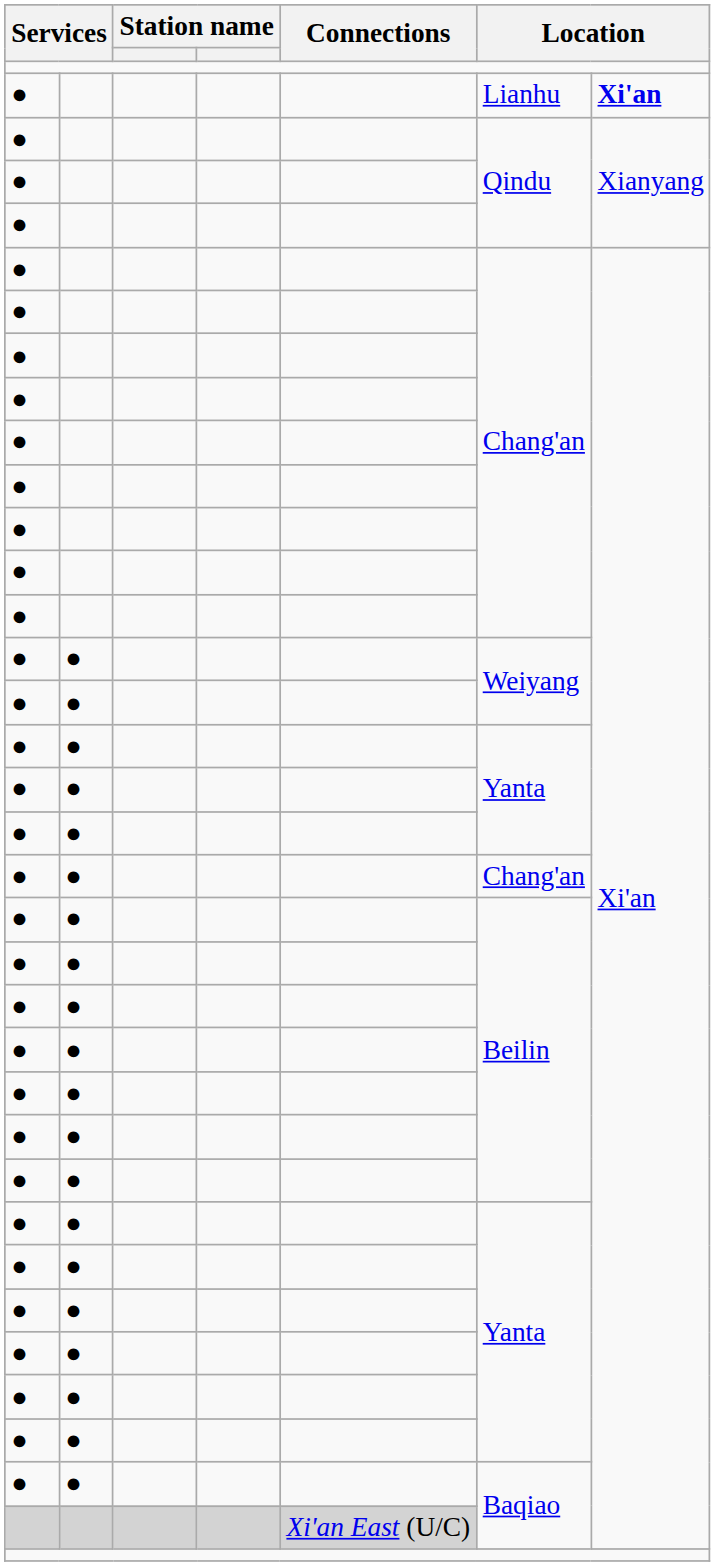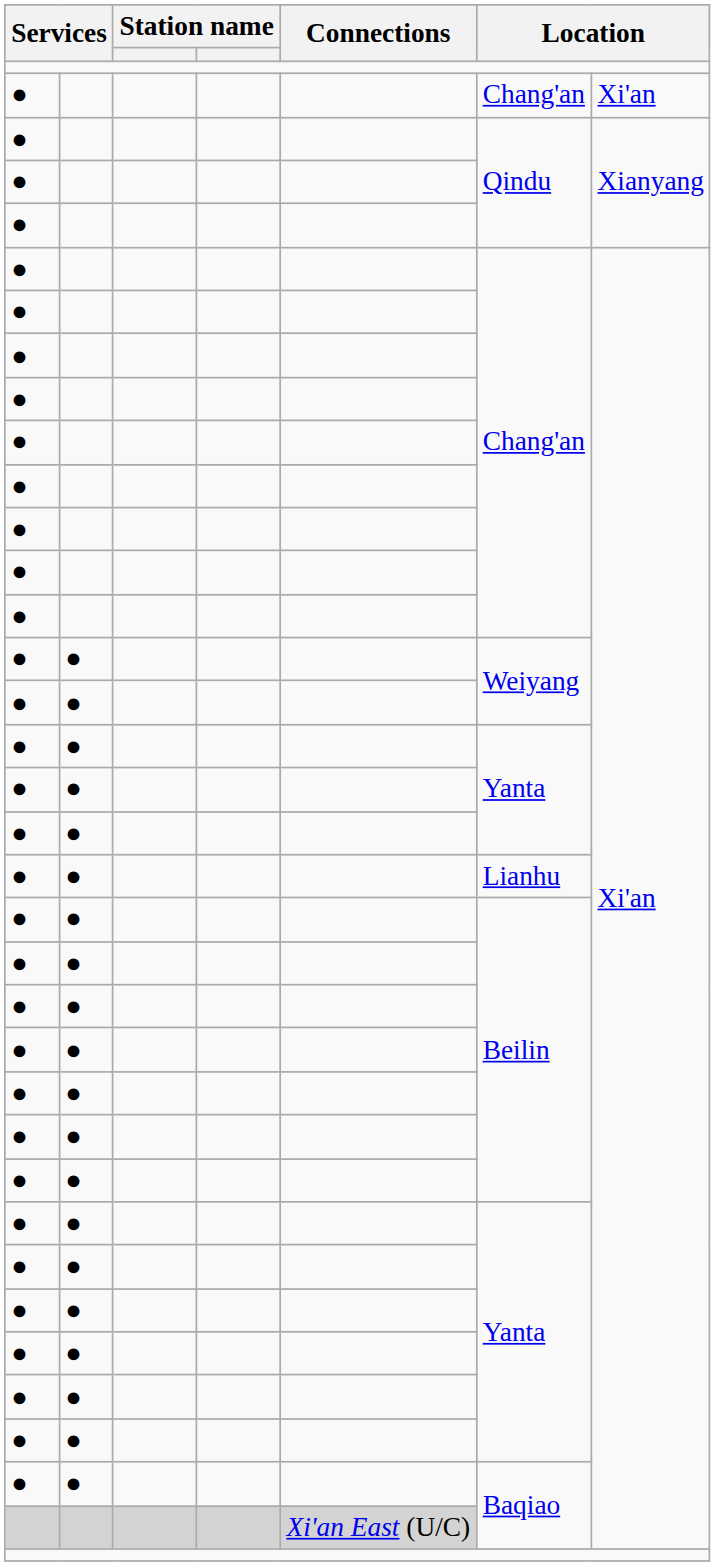 <table class="wikitable">
 <tr>
 <th colspan="2" rowspan="2">Services</th>
 <th colspan="2">Station name</th>
 <th rowspan="2">Connections</th>
 <th colspan="2" rowspan="2">Location</th>
 </tr>
 <tr>
 <th></th>
 <th></th>
 </tr>
 <tr style="background:#">
 <td colspan = "8"></td>
 </tr>
 <tr>
 <td>●</td>
 <td></td>
 <td></td>
 <td></td>
 <td></td>
-<td><a href='#'>Lianhu</a></td>
-<td><strong><a href='#'>Xi'an</a></strong></td>
+<td><a href='#'>Chang'an</a></td>
+<td><a href='#'>Xi'an</a></td>
 </tr>
 <tr>
 <td>●</td>
 <td></td>
 <td></td>
 <td></td>
 <td></td>
 <td rowspan="3"><a href='#'>Qindu</a></td>
 <td rowspan="3"><a href='#'>Xianyang</a></td>
 </tr>
 <tr>
 <td>●</td>
 <td></td>
 <td></td>
 <td></td>
 <td></td>
 </tr>
 <tr>
 <td>●</td>
 <td></td>
 <td></td>
 <td></td>
 <td></td>
 </tr>
 <tr>
 <td>●</td>
 <td></td>
 <td></td>
 <td></td>
 <td></td>
 <td rowspan="9"><a href='#'>Chang'an</a></td>
 <td rowspan="30"><a href='#'>Xi'an</a></td>
 </tr>
 <tr>
 <td>●</td>
 <td></td>
 <td></td>
 <td></td>
 <td></td>
 </tr>
 <tr>
 <td>●</td>
 <td></td>
 <td></td>
 <td></td>
 <td></td>
 </tr>
 <tr>
 <td>●</td>
 <td></td>
 <td></td>
 <td></td>
 <td></td>
 </tr>
 <tr>
 <td>●</td>
 <td></td>
 <td></td>
 <td></td>
 <td></td>
 </tr>
 <tr>
 <td>●</td>
 <td></td>
 <td></td>
 <td></td>
 <td></td>
 </tr>
 <tr>
 <td>●</td>
 <td></td>
 <td></td>
 <td></td>
 <td></td>
 </tr>
 <tr>
 <td>●</td>
 <td></td>
 <td></td>
 <td></td>
 <td></td>
 </tr>
 <tr>
 <td>●</td>
 <td></td>
 <td></td>
 <td></td>
 <td></td>
 </tr>
 <tr>
 <td>●</td>
 <td>●</td>
 <td></td>
 <td></td>
 <td></td>
 <td rowspan="2"><a href='#'>Weiyang</a></td>
 </tr>
 <tr>
 <td>●</td>
 <td>●</td>
 <td></td>
 <td></td>
 <td></td>
 </tr>
 <tr>
 <td>●</td>
 <td>●</td>
 <td></td>
 <td></td>
 <td></td>
 <td rowspan="3"><a href='#'>Yanta</a></td>
 </tr>
 <tr>
 <td>●</td>
 <td>●</td>
 <td></td>
 <td></td>
 <td></td>
 </tr>
 <tr>
 <td>●</td>
 <td>●</td>
 <td></td>
 <td></td>
 <td></td>
 </tr>
 <tr>
 <td>●</td>
 <td>●</td>
 <td></td>
 <td></td>
 <td></td>
-<td><a href='#'>Chang'an</a></td>
+<td><a href='#'>Lianhu</a></td>
 </tr>
 <tr>
 <td>●</td>
 <td>●</td>
 <td></td>
 <td></td>
 <td></td>
 <td rowspan="7"><a href='#'>Beilin</a></td>
 </tr>
 <tr>
 <td>●</td>
 <td>●</td>
 <td></td>
 <td></td>
 <td></td>
 </tr>
 <tr>
 <td>●</td>
 <td>●</td>
 <td></td>
 <td></td>
 <td></td>
 </tr>
 <tr>
 <td>●</td>
 <td>●</td>
 <td></td>
 <td></td>
 <td></td>
 </tr>
 <tr>
 <td>●</td>
 <td>●</td>
 <td></td>
 <td></td>
 <td></td>
 </tr>
 <tr>
 <td>●</td>
 <td>●</td>
 <td></td>
 <td></td>
 <td></td>
 </tr>
 <tr>
 <td>●</td>
 <td>●</td>
 <td></td>
 <td></td>
 <td></td>
 </tr>
 <tr>
 <td>●</td>
 <td>●</td>
 <td></td>
 <td></td>
 <td></td>
 <td rowspan="6"><a href='#'>Yanta</a></td>
 </tr>
 <tr>
 <td>●</td>
 <td>●</td>
 <td></td>
 <td></td>
 <td></td>
 </tr>
 <tr>
 <td>●</td>
 <td>●</td>
 <td></td>
 <td></td>
 <td></td>
 </tr>
 <tr>
 <td>●</td>
 <td>●</td>
 <td></td>
 <td></td>
 <td></td>
 </tr>
 <tr>
 <td>●</td>
 <td>●</td>
 <td></td>
 <td></td>
 <td></td>
 </tr>
 <tr>
 <td>●</td>
 <td>●</td>
 <td></td>
 <td></td>
 <td></td>
 </tr>
 <tr>
 <td>●</td>
 <td>●</td>
 <td></td>
 <td></td>
 <td></td>
 <td rowspan="2"><a href='#'>Baqiao</a></td>
 </tr>
 <tr bgcolor="lightgrey">
 <td></td>
 <td></td>
 <td><em></em></td>
 <td></td>
 <td> <em><a href='#'>Xi'an East</a></em> (U/C)</td>
 </tr>
 <tr style="background:#">
 <td colspan = "8"></td>
 </tr>
 </table>
